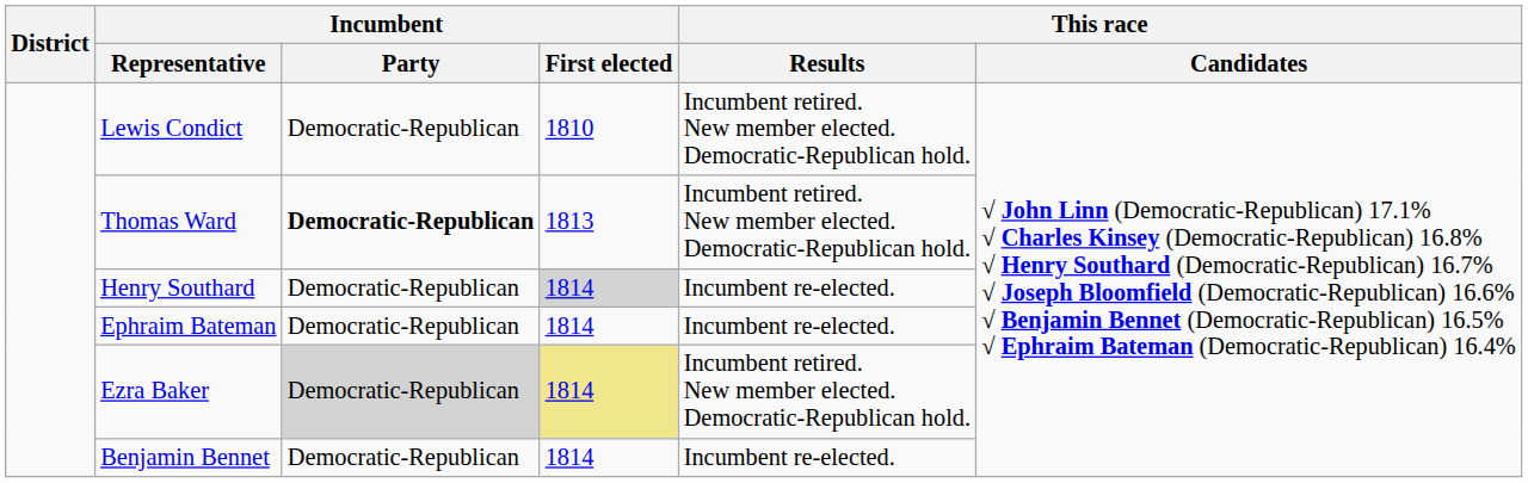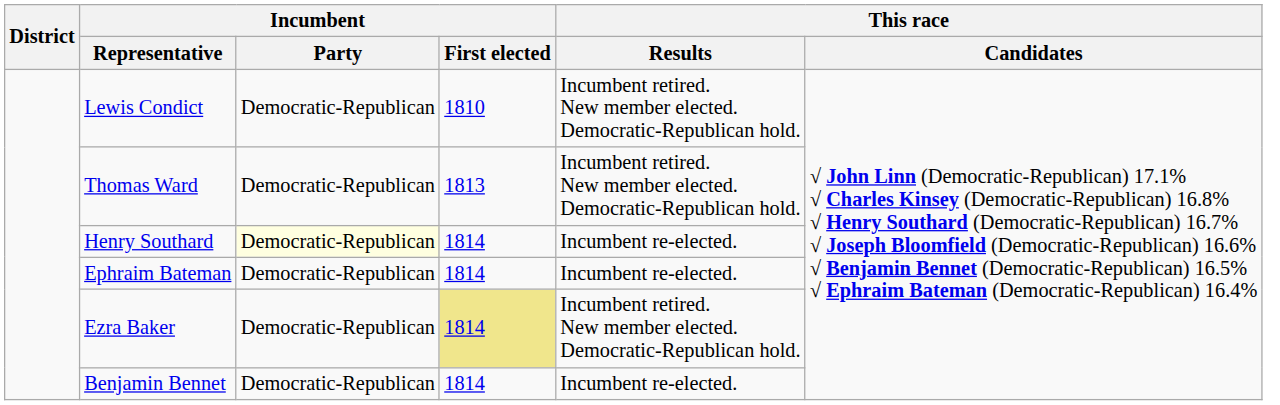 <table class=wikitable>
 <tr>
 <th rowspan=2>District</th>
 <th colspan=3>Incumbent</th>
 <th colspan=2>This race</th>
 </tr>
 <tr>
 <th>Representative</th>
 <th>Party</th>
 <th>First elected</th>
 <th>Results</th>
 <th>Candidates</th>
 </tr>
 <tr>
 <td rowspan=6><br></td>
 <td><a href='#'>Lewis Condict</a></td>
 <td>Democratic-Republican</td>
 <td><a href='#'>1810</a></td>
 <td>Incumbent retired.<br>New member elected.<br>Democratic-Republican hold.</td>
 <td rowspan=6 nowrap><strong>√ <a href='#'>John Linn</a></strong> (Democratic-Republican) 17.1%<br><strong>√ <a href='#'>Charles Kinsey</a></strong> (Democratic-Republican) 16.8%<br><strong>√ <a href='#'>Henry Southard</a></strong> (Democratic-Republican) 16.7%<br><strong>√ <a href='#'>Joseph Bloomfield</a></strong> (Democratic-Republican) 16.6%<br><strong>√ <a href='#'>Benjamin Bennet</a></strong> (Democratic-Republican) 16.5%<br><strong>√ <a href='#'>Ephraim Bateman</a></strong> (Democratic-Republican) 16.4%</td>
 </tr>
 <tr>
 <td><a href='#'>Thomas Ward</a></td>
-<td><strong>Democratic-Republican</strong></td>
+<td>Democratic-Republican</td>
 <td><a href='#'>1813</a></td>
 <td>Incumbent retired.<br>New member elected.<br>Democratic-Republican hold.</td>
 </tr>
 <tr>
 <td><a href='#'>Henry Southard</a></td>
-<td>Democratic-Republican</td>
-<td style="background: lightgrey;"><a href='#'>1814</a></td>
+<td style="background: lightyellow;">Democratic-Republican</td>
+<td><a href='#'>1814</a></td>
 <td>Incumbent re-elected.</td>
 </tr>
 <tr>
 <td><a href='#'>Ephraim Bateman</a></td>
 <td>Democratic-Republican</td>
 <td><a href='#'>1814</a></td>
 <td>Incumbent re-elected.</td>
 </tr>
 <tr>
 <td><a href='#'>Ezra Baker</a></td>
-<td style="background: lightgrey;">Democratic-Republican</td>
+<td>Democratic-Republican</td>
 <td style="background: khaki;"><a href='#'>1814</a></td>
 <td>Incumbent retired.<br>New member elected.<br>Democratic-Republican hold.</td>
 </tr>
 <tr>
 <td><a href='#'>Benjamin Bennet</a></td>
 <td>Democratic-Republican</td>
 <td><a href='#'>1814</a></td>
 <td>Incumbent re-elected.</td>
 </tr>
 </table>
